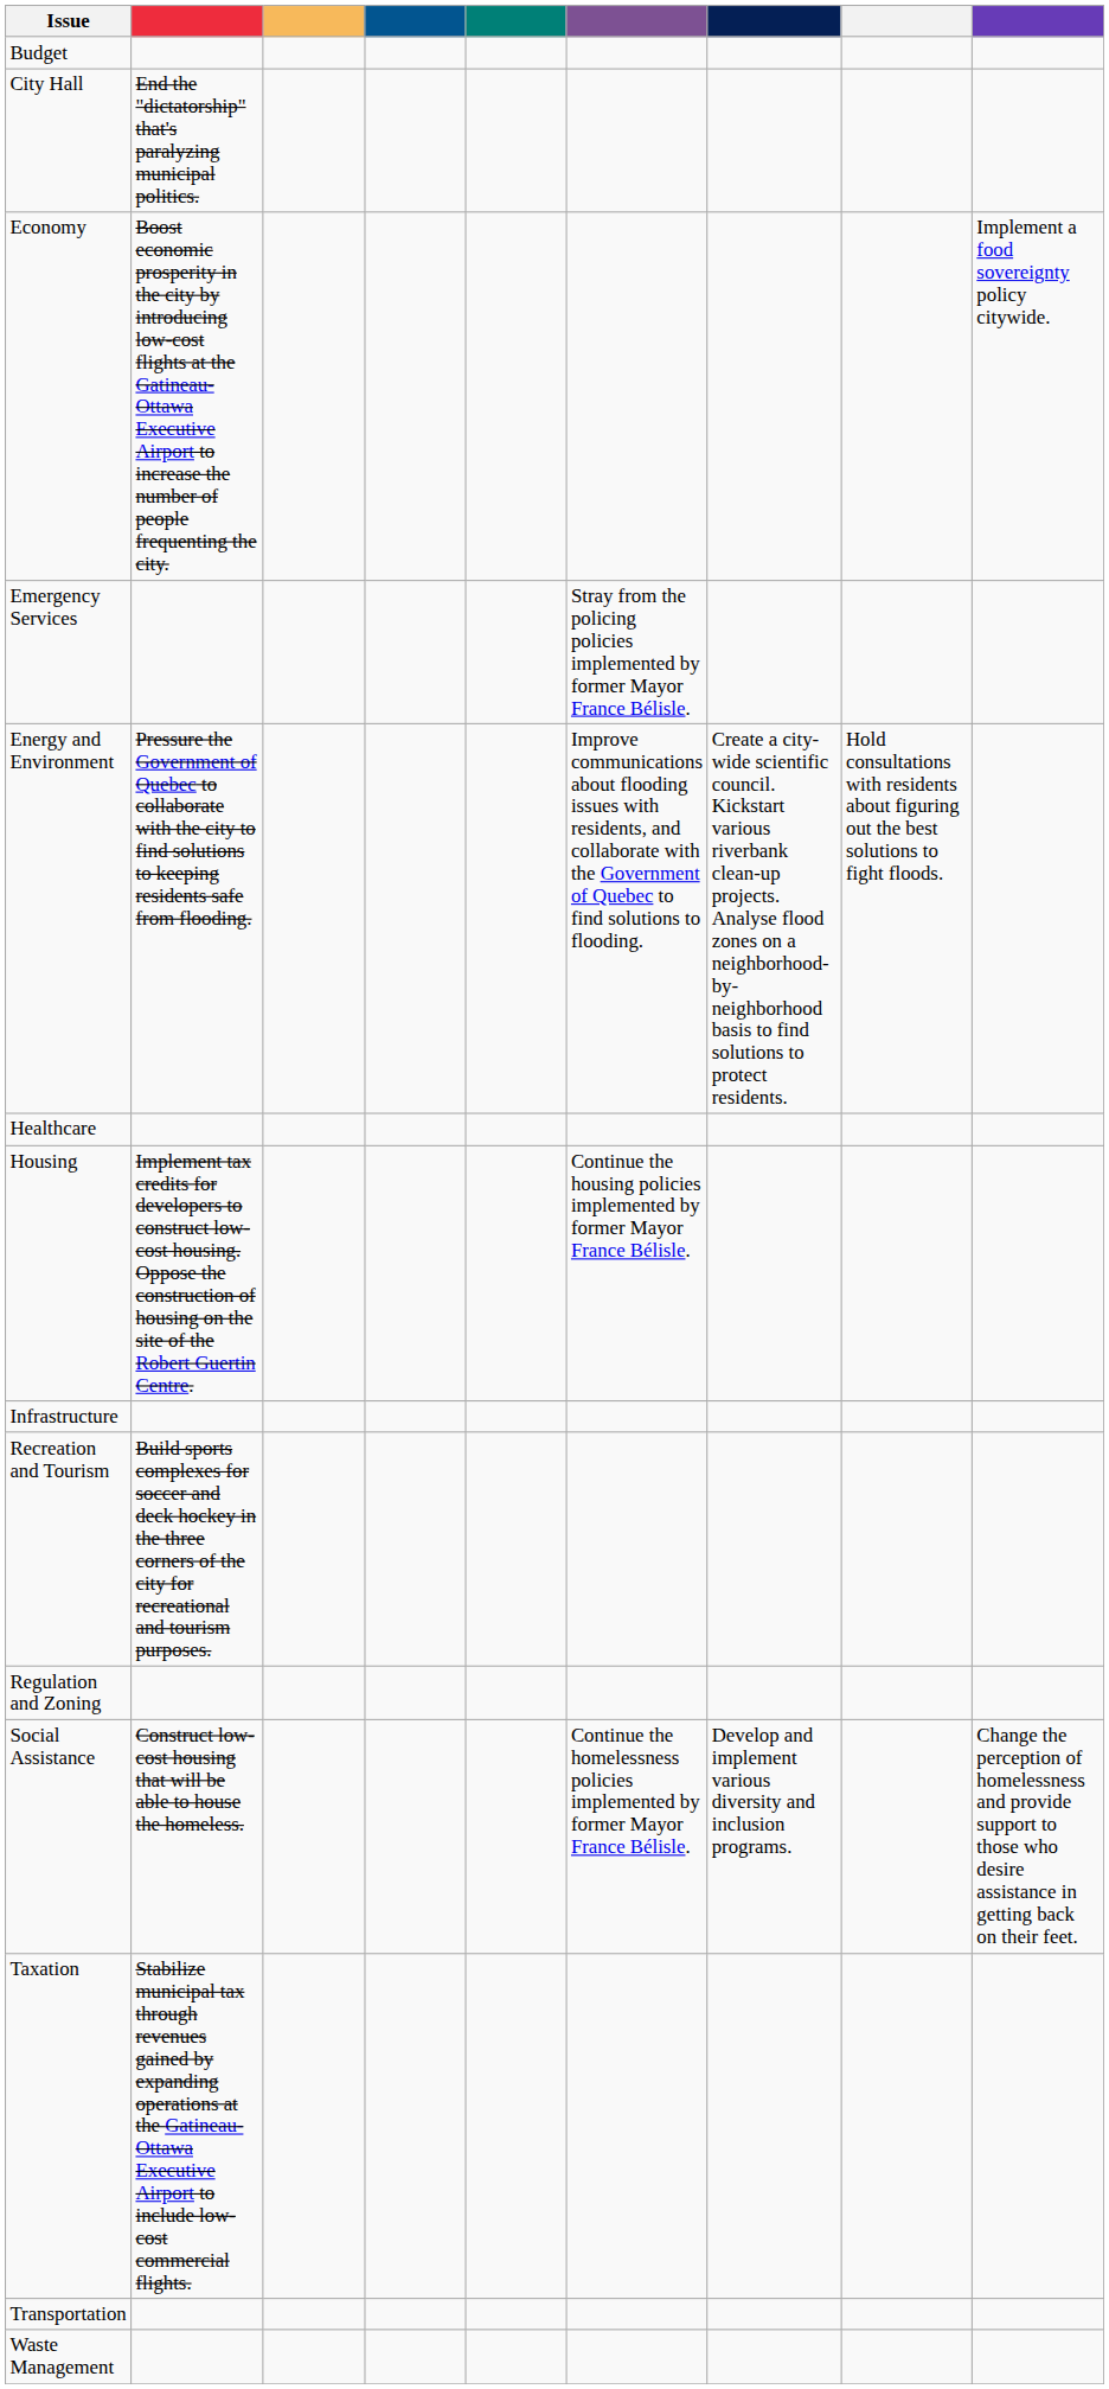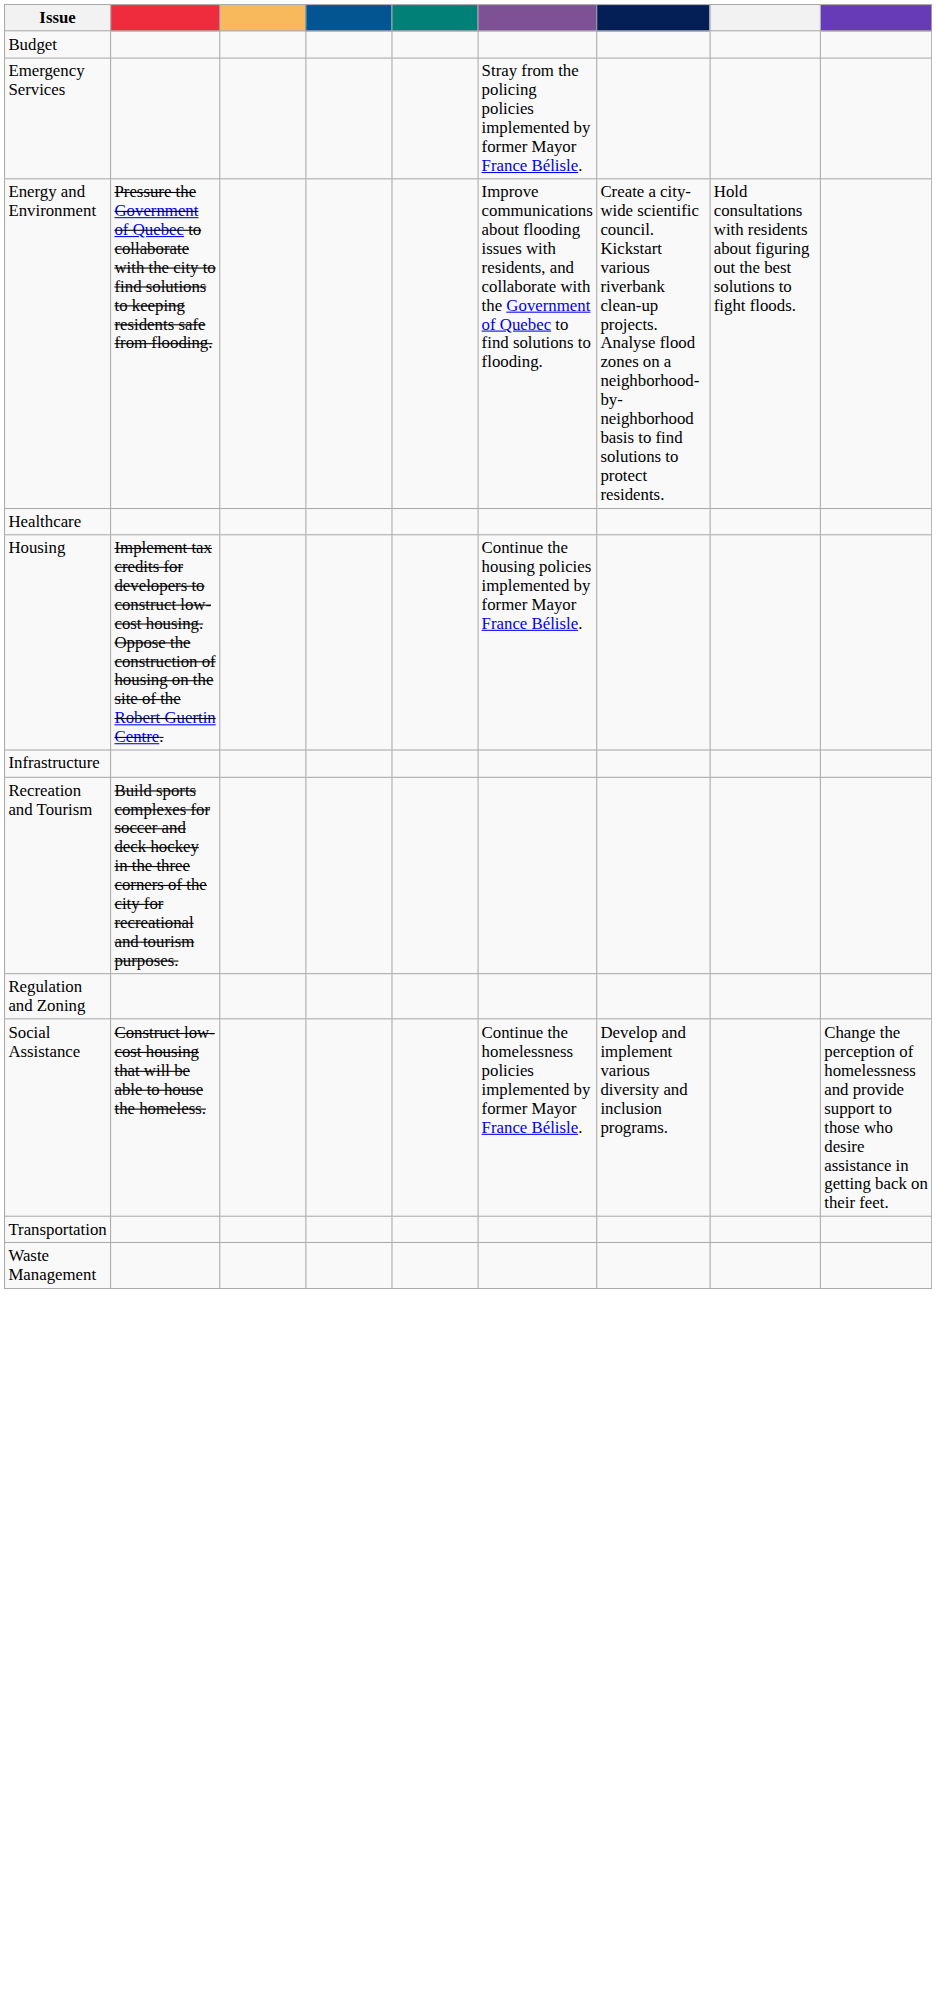 <table class="wikitable mw-collapsible mw-collapsed" style="width:100%;">
 <tr>
 <th>Issue</th>
 <th width="12.5%" style="background:#EE2C3D;" align="center"></th>
 <th width="12.5%" style="background:#F7B95B;" align="center"></th>
 <th width="12.5%" style="background:#025590;" align="center"></th>
 <th width="12.5%" style="background:#008077;" align="center"></th>
 <th width="12.5%" style="background:#7D5193;" align="center"></th>
 <th width="12.5%" style="background:#041F55;" align="center"></th>
 <th width="12.5%" style="background:"></th>
 <th width="12.5%" style="background:#673BB7;" align="center"></th>
 </tr>
 <tr style="vertical-align:top">
 <td>Budget</td>
 <td></td>
 <td></td>
 <td></td>
 <td></td>
 <td></td>
 <td></td>
 <td></td>
 <td></td>
-</tr>
-<tr style="vertical-align:top">
-<td>City Hall</td>
-<td><s>End the "dictatorship" that's paralyzing municipal politics.</s></td>
-<td></td>
-<td></td>
-<td></td>
-<td></td>
-<td></td>
-<td></td>
-<td></td>
-</tr>
-<tr style="vertical-align:top">
-<td>Economy</td>
-<td><s>Boost economic prosperity in the city by introducing low-cost flights at the <a href='#'>Gatineau-Ottawa Executive Airport</a> to increase the number of people frequenting the city.</s></td>
-<td></td>
-<td></td>
-<td></td>
-<td></td>
-<td></td>
-<td></td>
-<td>Implement a <a href='#'>food sovereignty</a> policy citywide.</td>
 </tr>
 <tr style="vertical-align:top">
 <td>Emergency Services</td>
 <td></td>
 <td></td>
 <td></td>
 <td></td>
 <td>Stray from the policing policies implemented by former Mayor <a href='#'>France Bélisle</a>.</td>
 <td></td>
 <td></td>
 <td></td>
 </tr>
 <tr style="vertical-align:top">
 <td>Energy and Environment</td>
 <td><s>Pressure the <a href='#'>Government of Quebec</a> to collaborate with the city to find solutions to keeping residents safe from flooding.</s></td>
 <td></td>
 <td></td>
 <td></td>
 <td>Improve communications about flooding issues with residents, and collaborate with the <a href='#'>Government of Quebec</a> to find solutions to flooding.</td>
 <td>Create a city-wide scientific council.<br>Kickstart various riverbank clean-up projects.<br>Analyse flood zones on a neighborhood-by-neighborhood basis to find solutions to protect residents.</td>
 <td>Hold consultations with residents about figuring out the best solutions to fight floods.</td>
 <td></td>
 </tr>
 <tr style="vertical-align:top">
 <td>Healthcare</td>
 <td></td>
 <td></td>
 <td></td>
 <td></td>
 <td></td>
 <td></td>
 <td></td>
 <td></td>
 </tr>
 <tr style="vertical-align:top">
 <td>Housing</td>
 <td><s>Implement tax credits for developers to construct low-cost housing.</s><br><s>Oppose the construction of housing on the site of the <a href='#'>Robert Guertin Centre</a>.</s></td>
 <td></td>
 <td></td>
 <td></td>
 <td>Continue the housing policies implemented by former Mayor <a href='#'>France Bélisle</a>.</td>
 <td></td>
 <td></td>
 <td></td>
 </tr>
 <tr style="vertical-align:top">
 <td>Infrastructure</td>
 <td></td>
 <td></td>
 <td></td>
 <td></td>
 <td></td>
 <td></td>
 <td></td>
 <td></td>
 </tr>
 <tr style="vertical-align:top">
 <td>Recreation and Tourism</td>
 <td><s>Build sports complexes for soccer and deck hockey in the three corners of the city for recreational and tourism purposes.</s></td>
 <td></td>
 <td></td>
 <td></td>
 <td></td>
 <td></td>
 <td></td>
 <td></td>
 </tr>
 <tr style="vertical-align:top">
 <td>Regulation and Zoning</td>
 <td></td>
 <td></td>
 <td></td>
 <td></td>
 <td></td>
 <td></td>
 <td></td>
 <td></td>
 </tr>
 <tr style="vertical-align:top">
 <td>Social Assistance</td>
 <td><s>Construct low-cost housing that will be able to house the homeless.</s></td>
 <td></td>
 <td></td>
 <td></td>
 <td>Continue the homelessness policies implemented by former Mayor <a href='#'>France Bélisle</a>.</td>
 <td>Develop and implement various diversity and inclusion programs.</td>
 <td></td>
 <td>Change the perception of homelessness and provide support to those who desire assistance in getting back on their feet.</td>
 </tr>
 <tr style="vertical-align:top">
-<td>Taxation</td>
-<td><s>Stabilize municipal tax through revenues gained by expanding operations at the <a href='#'>Gatineau-Ottawa Executive Airport</a> to include low-cost commercial flights.</s></td>
-<td></td>
-<td></td>
-<td></td>
-<td></td>
-<td></td>
-<td></td>
-<td></td>
-</tr>
-<tr style="vertical-align:top">
 <td>Transportation</td>
 <td></td>
 <td></td>
 <td></td>
 <td></td>
 <td></td>
 <td></td>
 <td></td>
 <td></td>
 </tr>
 <tr style="vertical-align:top">
 <td>Waste Management</td>
 <td></td>
 <td></td>
 <td></td>
 <td></td>
 <td></td>
 <td></td>
 <td></td>
 <td></td>
 </tr>
 <tr style="vertical-align:top">
 </tr>
 </table>
